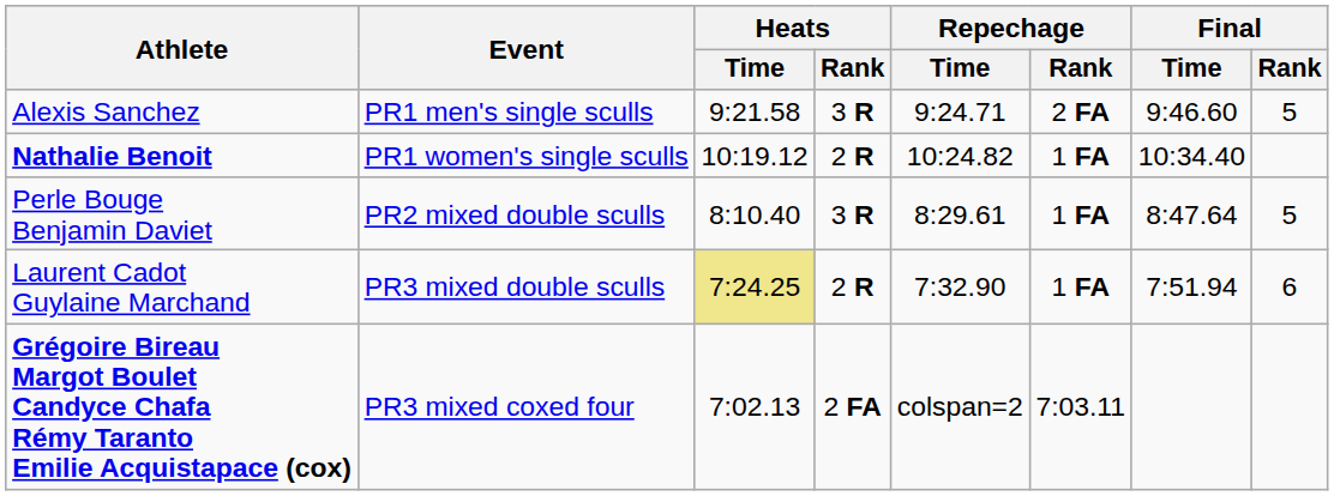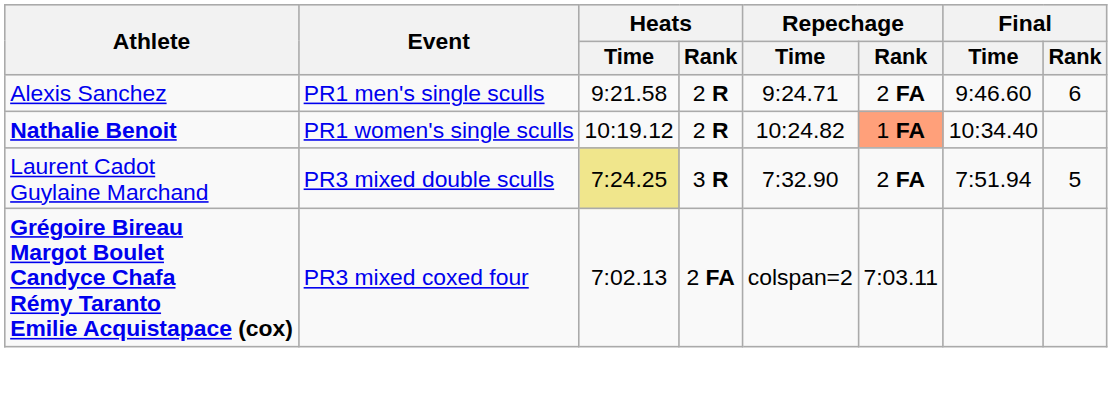 <table class="wikitable" style="font-size:90%">
 <tr>
 <th rowspan=2>Athlete</th>
 <th rowspan=2>Event</th>
 <th colspan=2>Heats</th>
 <th colspan=2>Repechage</th>
 <th colspan=2>Final</th>
 </tr>
 <tr style="font-size:95%">
 <th>Time</th>
 <th>Rank</th>
 <th>Time</th>
 <th>Rank</th>
 <th>Time</th>
 <th>Rank</th>
 </tr>
 <tr align=center>
 <td align=left><a href='#'>Alexis Sanchez</a></td>
 <td align=left><a href='#'>PR1 men's single sculls</a></td>
 <td>9:21.58</td>
-<td>3 <strong>R</strong></td>
+<td>2 <strong>R</strong></td>
 <td>9:24.71</td>
 <td>2 <strong>FA</strong></td>
 <td>9:46.60</td>
-<td>5</td>
+<td>6</td>
 </tr>
 <tr align=center>
 <td align=left><strong><a href='#'>Nathalie Benoit</a></strong></td>
 <td align=left><a href='#'>PR1 women's single sculls</a></td>
 <td>10:19.12</td>
 <td>2 <strong>R</strong></td>
 <td>10:24.82</td>
-<td>1 <strong>FA</strong></td>
+<td style="background: lightsalmon;">1 <strong>FA</strong></td>
 <td>10:34.40</td>
 <td></td>
-</tr>
-<tr align=center>
-<td align=left><a href='#'>Perle Bouge</a><br><a href='#'>Benjamin Daviet</a></td>
-<td align=left><a href='#'>PR2 mixed double sculls</a></td>
-<td>8:10.40</td>
-<td>3 <strong>R</strong></td>
-<td>8:29.61</td>
-<td>1 <strong>FA</strong></td>
-<td>8:47.64</td>
-<td>5</td>
 </tr>
 <tr align=center>
 <td align=left><a href='#'>Laurent Cadot</a><br><a href='#'>Guylaine Marchand</a></td>
 <td align=left><a href='#'>PR3 mixed double sculls</a></td>
 <td style="background: khaki;">7:24.25</td>
-<td>2 <strong>R</strong></td>
+<td>3 <strong>R</strong></td>
 <td>7:32.90</td>
-<td>1 <strong>FA</strong></td>
+<td>2 <strong>FA</strong></td>
 <td>7:51.94</td>
-<td>6</td>
+<td>5</td>
 </tr>
 <tr align=center>
 <td align=left><strong><a href='#'>Grégoire Bireau</a><br><a href='#'>Margot Boulet</a><br><a href='#'>Candyce Chafa</a><br><a href='#'>Rémy Taranto</a><br><a href='#'>Emilie Acquistapace</a> (cox)</strong></td>
 <td align=left><a href='#'>PR3 mixed coxed four</a></td>
 <td>7:02.13</td>
 <td>2 <strong>FA</strong></td>
 <td>colspan=2 </td>
 <td>7:03.11</td>
 <td></td>
 </tr>
 </table>
